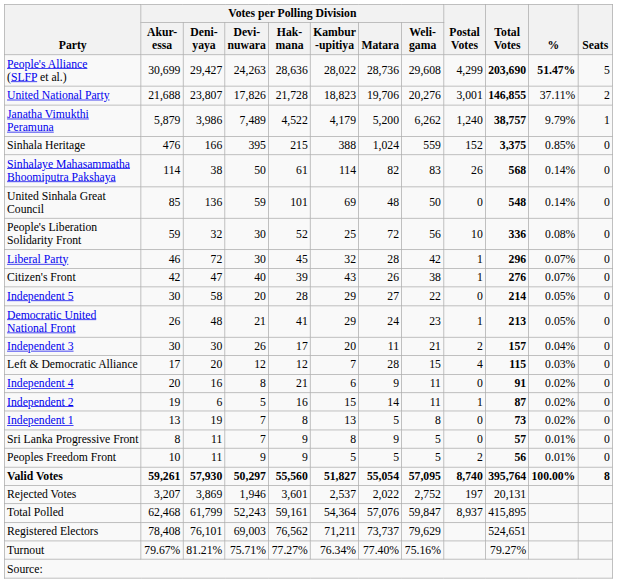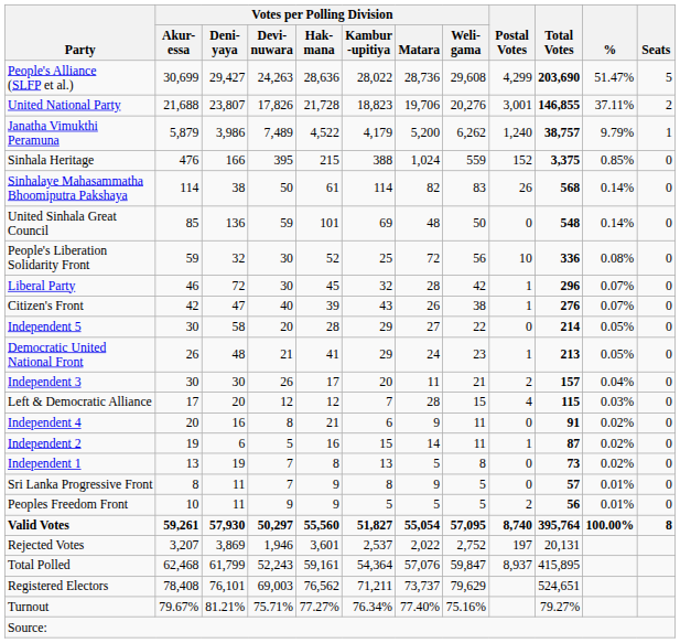 <table class="wikitable" border="1" style="text-align:right;">
 <tr>
 <th align=left valign=bottom rowspan=2 width="180">Party</th>
 <th colspan=7>Votes per Polling Division</th>
 <th align=center valign=bottom rowspan=2 width="50">Postal<br>Votes</th>
 <th align=center valign=bottom rowspan=2 width="50">Total Votes</th>
 <th align=center valign=bottom rowspan=2 width="50">%</th>
 <th align=center valign=bottom rowspan=2 width="40">Seats</th>
 </tr>
 <tr>
 <th align=center valign=bottom width="50">Akur-<br>essa</th>
 <th align=center valign=bottom width="50">Deni-<br>yaya</th>
 <th align=center valign=bottom width="50">Devi-<br>nuwara</th>
 <th align=center valign=bottom width="50">Hak-<br>mana</th>
 <th align=center valign=bottom width="50">Kambur<br>-upitiya</th>
 <th align=center valign=bottom width="50">Matara</th>
 <th align=center valign=bottom width="50">Weli-<br>gama</th>
 </tr>
 <tr>
 <td align=left><a href='#'>People's Alliance</a><br>(<a href='#'>SLFP</a> et al.)</td>
 <td>30,699</td>
 <td>29,427</td>
 <td>24,263</td>
 <td>28,636</td>
 <td>28,022</td>
 <td>28,736</td>
 <td>29,608</td>
 <td>4,299</td>
 <td><strong>203,690</strong></td>
-<td><strong>51.47%</strong></td>
+<td>51.47%</td>
 <td>5</td>
 </tr>
 <tr>
 <td align=left><a href='#'>United National Party</a></td>
 <td>21,688</td>
 <td>23,807</td>
 <td>17,826</td>
 <td>21,728</td>
 <td>18,823</td>
 <td>19,706</td>
 <td>20,276</td>
 <td>3,001</td>
 <td><strong>146,855</strong></td>
 <td>37.11%</td>
 <td>2</td>
 </tr>
 <tr>
 <td align=left><a href='#'>Janatha Vimukthi Peramuna</a></td>
 <td>5,879</td>
 <td>3,986</td>
 <td>7,489</td>
 <td>4,522</td>
 <td>4,179</td>
 <td>5,200</td>
 <td>6,262</td>
 <td>1,240</td>
 <td><strong>38,757</strong></td>
 <td>9.79%</td>
 <td>1</td>
 </tr>
 <tr>
 <td align=left>Sinhala Heritage</td>
 <td>476</td>
 <td>166</td>
 <td>395</td>
 <td>215</td>
 <td>388</td>
 <td>1,024</td>
 <td>559</td>
 <td>152</td>
 <td><strong>3,375</strong></td>
 <td>0.85%</td>
 <td>0</td>
 </tr>
 <tr>
 <td align=left><a href='#'>Sinhalaye Mahasammatha Bhoomiputra Pakshaya</a></td>
 <td>114</td>
 <td>38</td>
 <td>50</td>
 <td>61</td>
 <td>114</td>
 <td>82</td>
 <td>83</td>
 <td>26</td>
 <td><strong>568</strong></td>
 <td>0.14%</td>
 <td>0</td>
 </tr>
 <tr>
 <td align=left>United Sinhala Great Council</td>
 <td>85</td>
 <td>136</td>
 <td>59</td>
 <td>101</td>
 <td>69</td>
 <td>48</td>
 <td>50</td>
 <td>0</td>
 <td><strong>548</strong></td>
 <td>0.14%</td>
 <td>0</td>
 </tr>
 <tr>
 <td align=left>People's Liberation Solidarity Front</td>
 <td>59</td>
 <td>32</td>
 <td>30</td>
 <td>52</td>
 <td>25</td>
 <td>72</td>
 <td>56</td>
 <td>10</td>
 <td><strong>336</strong></td>
 <td>0.08%</td>
 <td>0</td>
 </tr>
 <tr>
 <td align=left><a href='#'>Liberal Party</a></td>
 <td>46</td>
 <td>72</td>
 <td>30</td>
 <td>45</td>
 <td>32</td>
 <td>28</td>
 <td>42</td>
 <td>1</td>
 <td><strong>296</strong></td>
 <td>0.07%</td>
 <td>0</td>
 </tr>
 <tr>
 <td align=left>Citizen's Front</td>
 <td>42</td>
 <td>47</td>
 <td>40</td>
 <td>39</td>
 <td>43</td>
 <td>26</td>
 <td>38</td>
 <td>1</td>
 <td><strong>276</strong></td>
 <td>0.07%</td>
 <td>0</td>
 </tr>
 <tr>
 <td align=left><a href='#'>Independent 5</a></td>
 <td>30</td>
 <td>58</td>
 <td>20</td>
 <td>28</td>
 <td>29</td>
 <td>27</td>
 <td>22</td>
 <td>0</td>
 <td><strong>214</strong></td>
 <td>0.05%</td>
 <td>0</td>
 </tr>
 <tr>
 <td align=left><a href='#'>Democratic United National Front</a></td>
 <td>26</td>
 <td>48</td>
 <td>21</td>
 <td>41</td>
 <td>29</td>
 <td>24</td>
 <td>23</td>
 <td>1</td>
 <td><strong>213</strong></td>
 <td>0.05%</td>
 <td>0</td>
 </tr>
 <tr>
 <td align=left><a href='#'>Independent 3</a></td>
 <td>30</td>
 <td>30</td>
 <td>26</td>
 <td>17</td>
 <td>20</td>
 <td>11</td>
 <td>21</td>
 <td>2</td>
 <td><strong>157</strong></td>
 <td>0.04%</td>
 <td>0</td>
 </tr>
 <tr>
 <td align=left>Left & Democratic Alliance</td>
 <td>17</td>
 <td>20</td>
 <td>12</td>
 <td>12</td>
 <td>7</td>
 <td>28</td>
 <td>15</td>
 <td>4</td>
 <td><strong>115</strong></td>
 <td>0.03%</td>
 <td>0</td>
 </tr>
 <tr>
 <td align=left><a href='#'>Independent 4</a></td>
 <td>20</td>
 <td>16</td>
 <td>8</td>
 <td>21</td>
 <td>6</td>
 <td>9</td>
 <td>11</td>
 <td>0</td>
 <td><strong>91</strong></td>
 <td>0.02%</td>
 <td>0</td>
 </tr>
 <tr>
 <td align=left><a href='#'>Independent 2</a></td>
 <td>19</td>
 <td>6</td>
 <td>5</td>
 <td>16</td>
 <td>15</td>
 <td>14</td>
 <td>11</td>
 <td>1</td>
 <td><strong>87</strong></td>
 <td>0.02%</td>
 <td>0</td>
 </tr>
 <tr>
 <td align=left><a href='#'>Independent 1</a></td>
 <td>13</td>
 <td>19</td>
 <td>7</td>
 <td>8</td>
 <td>13</td>
 <td>5</td>
 <td>8</td>
 <td>0</td>
 <td><strong>73</strong></td>
 <td>0.02%</td>
 <td>0</td>
 </tr>
 <tr>
 <td align=left>Sri Lanka Progressive Front</td>
 <td>8</td>
 <td>11</td>
 <td>7</td>
 <td>9</td>
 <td>8</td>
 <td>9</td>
 <td>5</td>
 <td>0</td>
 <td><strong>57</strong></td>
 <td>0.01%</td>
 <td>0</td>
 </tr>
 <tr>
 <td align=left>Peoples Freedom Front</td>
 <td>10</td>
 <td>11</td>
 <td>9</td>
 <td>9</td>
 <td>5</td>
 <td>5</td>
 <td>5</td>
 <td>2</td>
 <td><strong>56</strong></td>
 <td>0.01%</td>
 <td>0</td>
 </tr>
 <tr>
 <td align=left><strong>Valid Votes</strong></td>
 <td><strong>59,261</strong></td>
 <td><strong>57,930</strong></td>
 <td><strong>50,297</strong></td>
 <td><strong>55,560</strong></td>
 <td><strong>51,827</strong></td>
 <td><strong>55,054</strong></td>
 <td><strong>57,095</strong></td>
 <td><strong>8,740</strong></td>
 <td><strong>395,764</strong></td>
 <td><strong>100.00%</strong></td>
 <td><strong>8</strong></td>
 </tr>
 <tr>
 <td align=left>Rejected Votes</td>
 <td>3,207</td>
 <td>3,869</td>
 <td>1,946</td>
 <td>3,601</td>
 <td>2,537</td>
 <td>2,022</td>
 <td>2,752</td>
 <td>197</td>
 <td>20,131</td>
 <td></td>
 <td></td>
 </tr>
 <tr>
 <td align=left>Total Polled</td>
 <td>62,468</td>
 <td>61,799</td>
 <td>52,243</td>
 <td>59,161</td>
 <td>54,364</td>
 <td>57,076</td>
 <td>59,847</td>
 <td>8,937</td>
 <td>415,895</td>
 <td></td>
 <td></td>
 </tr>
 <tr>
 <td align=left>Registered Electors</td>
 <td>78,408</td>
 <td>76,101</td>
 <td>69,003</td>
 <td>76,562</td>
 <td>71,211</td>
 <td>73,737</td>
 <td>79,629</td>
 <td></td>
 <td>524,651</td>
 <td></td>
 <td></td>
 </tr>
 <tr>
 <td align=left>Turnout</td>
 <td>79.67%</td>
 <td>81.21%</td>
 <td>75.71%</td>
 <td>77.27%</td>
 <td>76.34%</td>
 <td>77.40%</td>
 <td>75.16%</td>
 <td></td>
 <td>79.27%</td>
 <td></td>
 <td></td>
 </tr>
 <tr>
 <td align=left colspan=13>Source:</td>
 </tr>
 </table>
